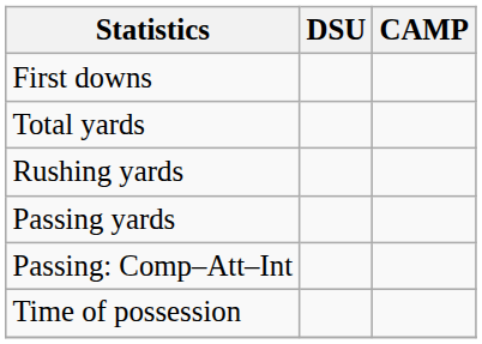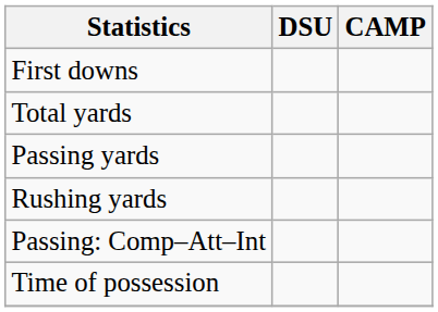 <table class="wikitable" style="float: left;">
 <tr>
 <th>Statistics</th>
 <th>DSU</th>
 <th>CAMP</th>
 </tr>
 <tr>
 <td>First downs</td>
 <td></td>
 <td></td>
 </tr>
 <tr>
 <td>Total yards</td>
 <td></td>
 <td></td>
 </tr>
 <tr>
-<td>Rushing yards</td>
+<td>Passing yards</td>
 <td></td>
 <td></td>
 </tr>
 <tr>
-<td>Passing yards</td>
+<td>Rushing yards</td>
 <td></td>
 <td></td>
 </tr>
 <tr>
 <td>Passing: Comp–Att–Int</td>
 <td></td>
 <td></td>
 </tr>
 <tr>
 <td>Time of possession</td>
 <td></td>
 <td></td>
 </tr>
 <tr>
 </tr>
 </table>
